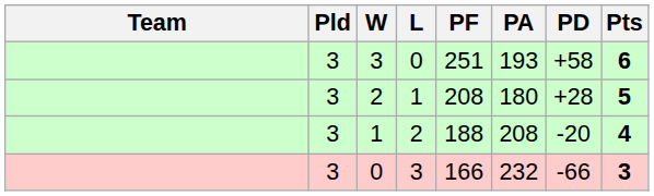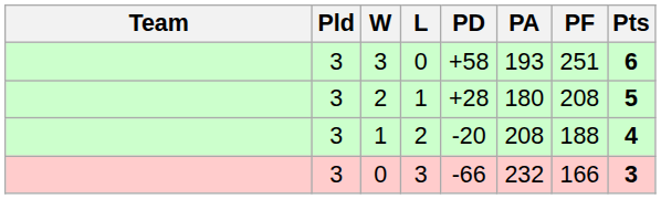 <table class="wikitable" style="text-align:center;">
 <tr>
 <th width=200>Team</th>
 <th width=20>Pld</th>
 <th width=20>W</th>
 <th width=20>L</th>
+<th width=30>PD</th>
+<th width=30>PA</th>
 <th width=30>PF</th>
-<th width=30>PA</th>
-<th width=30>PD</th>
 <th width=20>Pts</th>
 </tr>
 <tr bgcolor="#ccffcc">
 <td align=left></td>
 <td>3</td>
 <td>3</td>
 <td>0</td>
+<td>+58</td>
+<td>193</td>
 <td>251</td>
-<td>193</td>
-<td>+58</td>
 <td><strong>6</strong></td>
 </tr>
 <tr bgcolor="#ccffcc">
 <td align=left></td>
 <td>3</td>
 <td>2</td>
 <td>1</td>
+<td>+28</td>
+<td>180</td>
 <td>208</td>
-<td>180</td>
-<td>+28</td>
 <td><strong>5</strong></td>
 </tr>
 <tr bgcolor="#ccffcc">
 <td align=left></td>
 <td>3</td>
 <td>1</td>
 <td>2</td>
+<td>-20</td>
+<td>208</td>
 <td>188</td>
-<td>208</td>
-<td>-20</td>
 <td><strong>4</strong></td>
 </tr>
 <tr bgcolor=#ffcccc>
 <td align=left></td>
 <td>3</td>
 <td>0</td>
 <td>3</td>
+<td>-66</td>
+<td>232</td>
 <td>166</td>
-<td>232</td>
-<td>-66</td>
 <td><strong>3</strong></td>
 </tr>
 </table>
